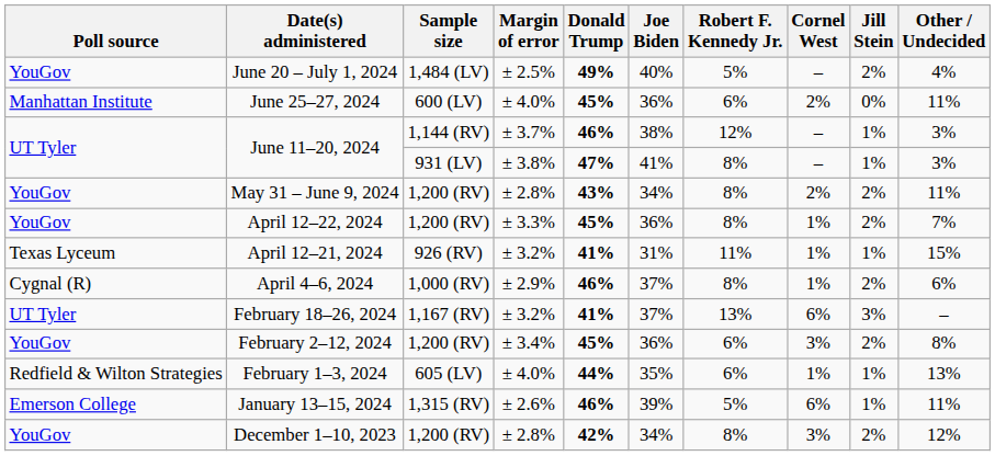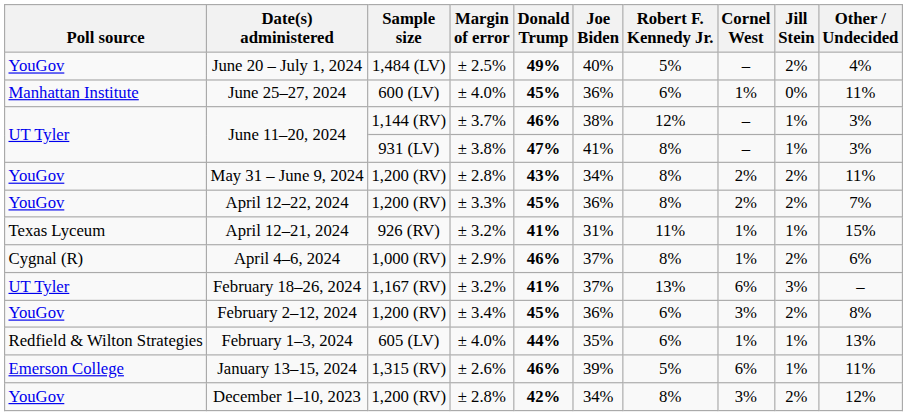 <table class="wikitable sortable mw-datatable" style="font-size:90%;text-align:center;line-height:17px">
 <tr style="vertical-align:bottom">
 <th>Poll source</th>
 <th>Date(s)<br>administered</th>
 <th>Sample<br>size</th>
 <th>Margin<br>of error</th>
 <th class="unsortable">Donald<br>Trump<br></th>
 <th class="unsortable">Joe<br>Biden<br></th>
 <th class="unsortable">Robert F.<br>Kennedy Jr.<br></th>
 <th class="unsortable">Cornel<br>West<br></th>
 <th class="unsortable">Jill<br>Stein<br></th>
 <th class="unsortable">Other /<br>Undecided</th>
 </tr>
 <tr>
 <td style="text-align:left;"><a href='#'>YouGov</a></td>
 <td data-sort-value="2024-07-11">June 20 – July 1, 2024</td>
 <td>1,484 (LV)</td>
 <td>± 2.5%</td>
 <td style="background-color:"><strong>49%</strong></td>
 <td>40%</td>
 <td>5%</td>
 <td>–</td>
 <td>2%</td>
 <td>4%</td>
 </tr>
 <tr>
 <td style="text-align:left;"><a href='#'>Manhattan Institute</a></td>
 <td data-sort-value="2024-07-03">June 25–27, 2024</td>
 <td>600 (LV)</td>
 <td>± 4.0%</td>
 <td style="background-color:"><strong>45%</strong></td>
 <td>36%</td>
 <td>6%</td>
-<td>2%</td>
+<td>1%</td>
 <td>0%</td>
 <td>11%</td>
 </tr>
 <tr>
 <td style="text-align:left;" rowspan="2"><a href='#'>UT Tyler</a></td>
 <td rowspan="2">June 11–20, 2024</td>
 <td>1,144 (RV)</td>
 <td>± 3.7%</td>
 <td style="background-color:"><strong>46%</strong></td>
 <td>38%</td>
 <td>12%</td>
 <td>–</td>
 <td>1%</td>
 <td>3%</td>
 </tr>
 <tr>
 <td>931 (LV)</td>
 <td>± 3.8%</td>
 <td style="background-color:"><strong>47%</strong></td>
 <td>41%</td>
 <td>8%</td>
 <td>–</td>
 <td>1%</td>
 <td>3%</td>
 </tr>
 <tr>
 <td style="text-align:left;"><a href='#'>YouGov</a></td>
 <td data-sort-value="2024-06-20">May 31 – June 9, 2024</td>
 <td>1,200 (RV)</td>
 <td>± 2.8%</td>
 <td style="background-color:"><strong>43%</strong></td>
 <td>34%</td>
 <td>8%</td>
 <td>2%</td>
 <td>2%</td>
 <td>11%</td>
 </tr>
 <tr>
 <td style="text-align:left;"><a href='#'>YouGov</a></td>
 <td data-sort-value="2024-05-01">April 12–22, 2024</td>
 <td>1,200 (RV)</td>
 <td>± 3.3%</td>
 <td style="background-color:"><strong>45%</strong></td>
 <td>36%</td>
 <td>8%</td>
-<td>1%</td>
+<td>2%</td>
 <td>2%</td>
 <td>7%</td>
 </tr>
 <tr>
 <td style="text-align:left;">Texas Lyceum</td>
 <td data-sort-value="2024-05-01">April 12–21, 2024</td>
 <td>926 (RV)</td>
 <td>± 3.2%</td>
 <td style="background-color:"><strong>41%</strong></td>
 <td>31%</td>
 <td>11%</td>
 <td>1%</td>
 <td>1%</td>
 <td>15%</td>
 </tr>
 <tr>
 <td style="text-align:left;">Cygnal (R)</td>
 <td data-sort-value="2024-04-11">April 4–6, 2024</td>
 <td>1,000 (RV)</td>
 <td>± 2.9%</td>
 <td style="background-color:"><strong>46%</strong></td>
 <td>37%</td>
 <td>8%</td>
 <td>1%</td>
 <td>2%</td>
 <td>6%</td>
 </tr>
 <tr>
 <td style="text-align:left;"><a href='#'>UT Tyler</a></td>
 <td data-sort-value="2024-02-26">February 18–26, 2024</td>
 <td>1,167 (RV)</td>
 <td>± 3.2%</td>
 <td style="background-color:"><strong>41%</strong></td>
 <td>37%</td>
 <td>13%</td>
 <td>6%</td>
 <td>3%</td>
 <td>–</td>
 </tr>
 <tr>
 <td style="text-align:left;"><a href='#'>YouGov</a></td>
 <td>February 2–12, 2024</td>
 <td>1,200 (RV)</td>
 <td>± 3.4%</td>
 <td style="background-color:"><strong>45%</strong></td>
 <td>36%</td>
 <td>6%</td>
 <td>3%</td>
 <td>2%</td>
 <td>8%</td>
 </tr>
 <tr>
 <td style="text-align:left;">Redfield & Wilton Strategies</td>
 <td>February 1–3, 2024</td>
 <td>605 (LV)</td>
 <td>± 4.0%</td>
 <td style="background-color:"><strong>44%</strong></td>
 <td>35%</td>
 <td>6%</td>
 <td>1%</td>
 <td>1%</td>
 <td>13%</td>
 </tr>
 <tr>
 <td style="text-align:left;"><a href='#'>Emerson College</a></td>
 <td data-sort-value="2024-01-18">January 13–15, 2024</td>
 <td>1,315 (RV)</td>
 <td>± 2.6%</td>
 <td style="background-color:"><strong>46%</strong></td>
 <td>39%</td>
 <td>5%</td>
 <td>6%</td>
 <td>1%</td>
 <td>11%</td>
 </tr>
 <tr>
 <td style="text-align:left;"><a href='#'>YouGov</a></td>
 <td data-sort-value="2023-05-17">December 1–10, 2023</td>
 <td>1,200 (RV)</td>
 <td>± 2.8%</td>
 <td style="background-color:"><strong>42%</strong></td>
 <td>34%</td>
 <td>8%</td>
 <td>3%</td>
 <td>2%</td>
 <td>12%</td>
 </tr>
 </table>
